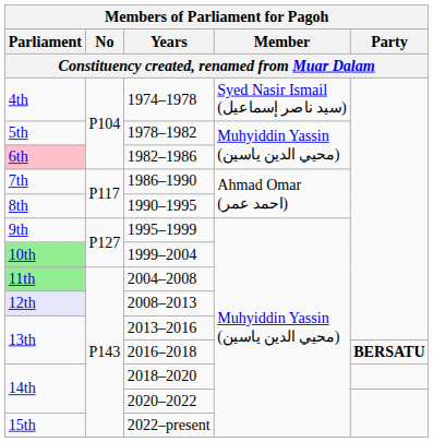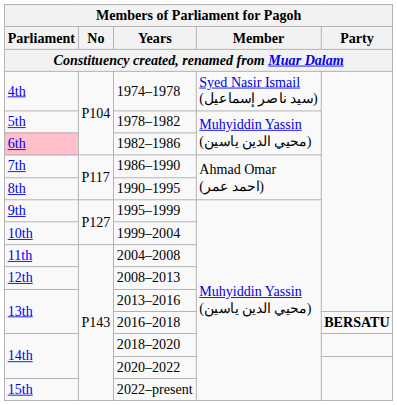 <table class=wikitable>
 <tr>
 <th colspan="5">Members of Parliament for Pagoh</th>
 </tr>
 <tr>
 <th>Parliament</th>
 <th>No</th>
 <th>Years</th>
 <th>Member</th>
 <th>Party</th>
 </tr>
 <tr>
 <th colspan="5" align="center"><strong><em>Constituency created, renamed from <a href='#'>Muar Dalam</a></em></strong></th>
 </tr>
 <tr>
 <td><a href='#'>4th</a></td>
 <td rowspan="3">P104</td>
 <td>1974–1978</td>
 <td><a href='#'>Syed Nasir Ismail</a>  <br>(سيد ناصر إسماعيل‎)</td>
 <td rowspan=10></td>
 </tr>
 <tr>
 <td><a href='#'>5th</a></td>
 <td>1978–1982</td>
 <td rowspan="2"><a href='#'>Muhyiddin Yassin</a> <br> (محيي الدين ياسين‎)</td>
 </tr>
 <tr>
 <td style="background: pink;"><a href='#'>6th</a></td>
 <td>1982–1986</td>
 </tr>
 <tr>
 <td><a href='#'>7th</a></td>
 <td rowspan="2">P117</td>
 <td>1986–1990</td>
 <td rowspan=2>Ahmad Omar <br> (احمد عمر)</td>
 </tr>
 <tr>
 <td><a href='#'>8th</a></td>
 <td>1990–1995</td>
 </tr>
 <tr>
 <td><a href='#'>9th</a></td>
 <td rowspan="2">P127</td>
 <td>1995–1999</td>
 <td rowspan="9"><a href='#'>Muhyiddin Yassin</a>  <br>(محيي الدين ياسين‎)</td>
 </tr>
 <tr>
-<td style="background: lightgreen;"><a href='#'>10th</a></td>
+<td><a href='#'>10th</a></td>
 <td>1999–2004</td>
 </tr>
 <tr>
-<td style="background: lightgreen;"><a href='#'>11th</a></td>
+<td><a href='#'>11th</a></td>
 <td rowspan="7">P143</td>
 <td>2004–2008</td>
 </tr>
 <tr>
-<td style="background: lavender;"><a href='#'>12th</a></td>
+<td><a href='#'>12th</a></td>
 <td>2008–2013</td>
 </tr>
 <tr>
 <td rowspan=2><a href='#'>13th</a></td>
 <td>2013–2016</td>
 </tr>
 <tr>
 <td>2016–2018</td>
 <td><strong>BERSATU</strong></td>
 </tr>
 <tr>
 <td rowspan=2><a href='#'>14th</a></td>
 <td>2018–2020</td>
 <td></td>
 </tr>
 <tr>
 <td>2020–2022</td>
 <td rowspan="2"></td>
 </tr>
 <tr>
 <td><a href='#'>15th</a></td>
 <td>2022–present</td>
 </tr>
 </table>
